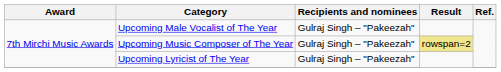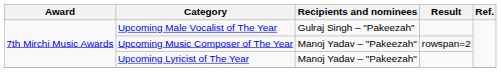 <table class="wikitable sortable">
 <tr>
 <th>Award</th>
 <th>Category</th>
 <th>Recipients and nominees</th>
 <th>Result</th>
 <th>Ref.</th>
 </tr>
 <tr>
 <td rowspan=3><a href='#'>7th Mirchi Music Awards</a></td>
 <td><a href='#'>Upcoming Male Vocalist of The Year</a></td>
 <td>Gulraj Singh – "Pakeezah"</td>
 <td></td>
 <td rowspan=3></td>
 </tr>
 <tr>
 <td><a href='#'>Upcoming Music Composer of The Year</a></td>
-<td>Gulraj Singh – "Pakeezah"</td>
-<td style="background: khaki;">rowspan=2 </td>
+<td>Manoj Yadav – "Pakeezah"</td>
+<td>rowspan=2 </td>
 </tr>
 <tr>
 <td><a href='#'>Upcoming Lyricist of The Year</a></td>
-<td>Gulraj Singh – "Pakeezah"</td>
+<td>Manoj Yadav – "Pakeezah"</td>
 </tr>
 <tr>
 </tr>
 </table>
